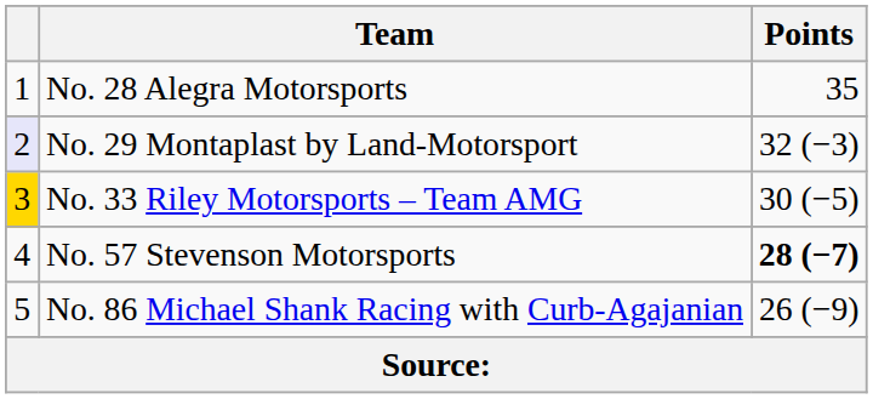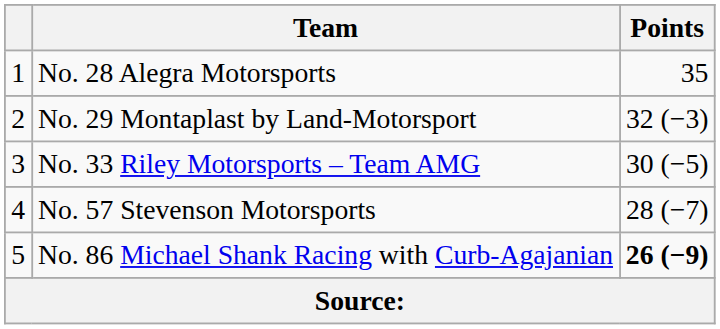 <table class="wikitable" style="font-size: 95%;">
 <tr>
 <th scope="col"></th>
 <th scope="col">Team</th>
 <th scope="col">Points</th>
 </tr>
 <tr>
 <td align=center>1</td>
 <td> No. 28 Alegra Motorsports</td>
 <td align=right>35</td>
 </tr>
 <tr>
-<td align=center style="background: lavender;">2</td>
+<td align=center>2</td>
 <td> No. 29 Montaplast by Land-Motorsport</td>
 <td align=right>32 (−3)</td>
 </tr>
 <tr>
-<td align=center style="background: gold;">3</td>
+<td align=center>3</td>
 <td> No. 33 <a href='#'>Riley Motorsports – Team AMG</a></td>
 <td align=right>30 (−5)</td>
 </tr>
 <tr>
 <td align=center>4</td>
 <td> No. 57 Stevenson Motorsports</td>
-<td align=right><strong>28 (−7)</strong></td>
+<td align=right>28 (−7)</td>
 </tr>
 <tr>
 <td align=center>5</td>
 <td> No. 86 <a href='#'>Michael Shank Racing</a> with <a href='#'>Curb-Agajanian</a></td>
-<td align=right>26 (−9)</td>
+<td align=right><strong>26 (−9)</strong></td>
 </tr>
 <tr>
 <th colspan=4>Source:</th>
 </tr>
 </table>
